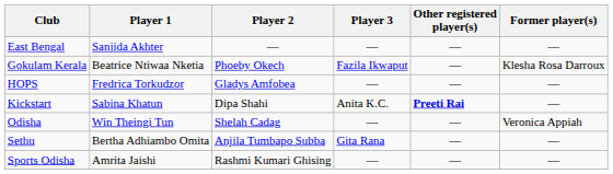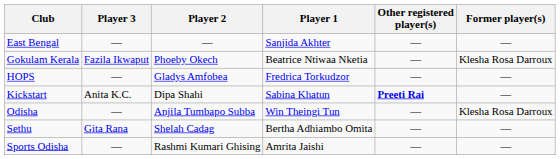 <table class="sortable wikitable" style="text-align: left">
 <tr>
 <th style="text-align:center;">Club</th>
+<th style="text-align:center;">Player 3</th>
+<th style="text-align:center;">Player 2</th>
 <th style="text-align:center;">Player 1</th>
-<th style="text-align:center;">Player 2</th>
-<th style="text-align:center;">Player 3</th>
 <th style="text-align:center;">Other registered<br>player(s)</th>
 <th style="text-align:center;">Former player(s)</th>
 </tr>
 <tr>
 <td><a href='#'>East Bengal</a></td>
-<td> <a href='#'>Sanjida Akhter</a></td>
 <td style="text-align: center;">—</td>
 <td style="text-align: center;">—</td>
+<td> <a href='#'>Sanjida Akhter</a></td>
 <td style="text-align: center;">—</td>
 <td style="text-align: center;">—</td>
 </tr>
 <tr>
 <td><a href='#'>Gokulam Kerala</a></td>
+<td> <a href='#'>Fazila Ikwaput</a></td>
+<td> <a href='#'>Phoeby Okech</a></td>
 <td> Beatrice Ntiwaa Nketia</td>
-<td> <a href='#'>Phoeby Okech</a></td>
-<td> <a href='#'>Fazila Ikwaput</a></td>
 <td style="text-align: center;">—</td>
 <td style="text-align: center;"> Klesha Rosa Darroux</td>
 </tr>
 <tr>
 <td><a href='#'>HOPS</a></td>
+<td style="text-align: center;">—</td>
+<td> <a href='#'>Gladys Amfobea</a></td>
 <td> <a href='#'>Fredrica Torkudzor</a></td>
-<td> <a href='#'>Gladys Amfobea</a></td>
-<td style="text-align: center;">—</td>
 <td style="text-align: center;">—</td>
 <td style="text-align: center;">—</td>
 </tr>
 <tr>
 <td><a href='#'>Kickstart</a></td>
+<td> Anita K.C.</td>
+<td> Dipa Shahi</td>
 <td> <a href='#'>Sabina Khatun</a></td>
-<td> Dipa Shahi</td>
-<td> Anita K.C.</td>
 <td><strong> <a href='#'>Preeti Rai</a></strong></td>
 <td style="text-align: center;">—</td>
 </tr>
 <tr>
 <td><a href='#'>Odisha</a></td>
+<td style="text-align: center;">—</td>
+<td> <a href='#'>Anjila Tumbapo Subba</a></td>
 <td> <a href='#'>Win Theingi Tun</a></td>
-<td> <a href='#'>Shelah Cadag</a></td>
 <td style="text-align: center;">—</td>
-<td style="text-align: center;">—</td>
-<td> Veronica Appiah</td>
+<td style="text-align: center;"> Klesha Rosa Darroux</td>
 </tr>
 <tr>
 <td><a href='#'>Sethu</a></td>
+<td> <a href='#'>Gita Rana</a></td>
+<td> <a href='#'>Shelah Cadag</a></td>
 <td> Bertha Adhiambo Omita</td>
-<td> <a href='#'>Anjila Tumbapo Subba</a></td>
-<td> <a href='#'>Gita Rana</a></td>
 <td style="text-align: center;">—</td>
 <td style="text-align: center;">—</td>
 </tr>
 <tr>
 <td><a href='#'>Sports Odisha</a></td>
+<td style="text-align: center;">—</td>
+<td> Rashmi Kumari Ghising</td>
 <td> Amrita Jaishi</td>
-<td> Rashmi Kumari Ghising</td>
-<td style="text-align: center;">—</td>
 <td style="text-align: center;">—</td>
 <td style="text-align: center;">—</td>
 </tr>
 </table>
